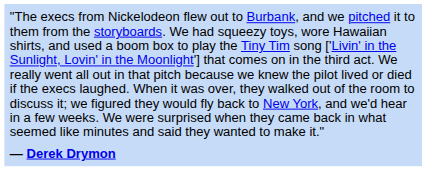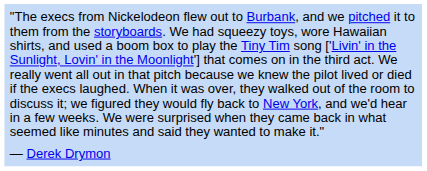 <table class="toccolours" style="float: left; margin-left: 1em; margin-right: 2em; font-size: 85%; background:#c6dbf7; color:black; width:32em; max-width: 40%;" cellspacing="5">
 <tr>
 <td style="text-align: left;">"The execs from Nickelodeon flew out to <a href='#'>Burbank</a>, and we <a href='#'>pitched</a> it to them from the <a href='#'>storyboards</a>. We had squeezy toys, wore Hawaiian shirts, and used a boom box to play the <a href='#'>Tiny Tim</a> song ['<a href='#'>Livin' in the Sunlight, Lovin' in the Moonlight</a>'] that comes on in the third act. We really went all out in that pitch because we knew the pilot lived or died if the execs laughed. When it was over, they walked out of the room to discuss it; we figured they would fly back to <a href='#'>New York</a>, and we'd hear in a few weeks. We were surprised when they came back in what seemed like minutes and said they wanted to make it."</td>
 </tr>
 <tr>
-<td style="text-align: left;"><strong>— <a href='#'>Derek Drymon</a></strong></td>
+<td style="text-align: left;">— <a href='#'>Derek Drymon</a></td>
 </tr>
 </table>
